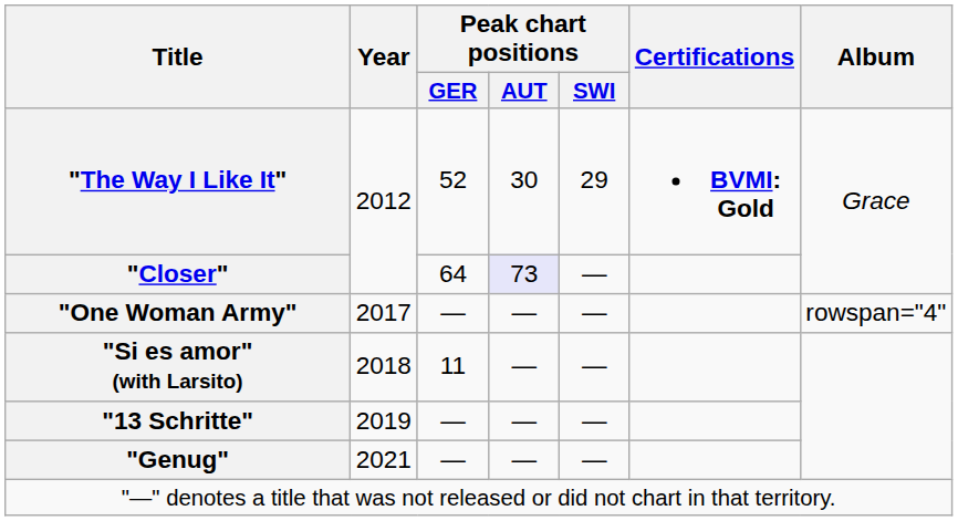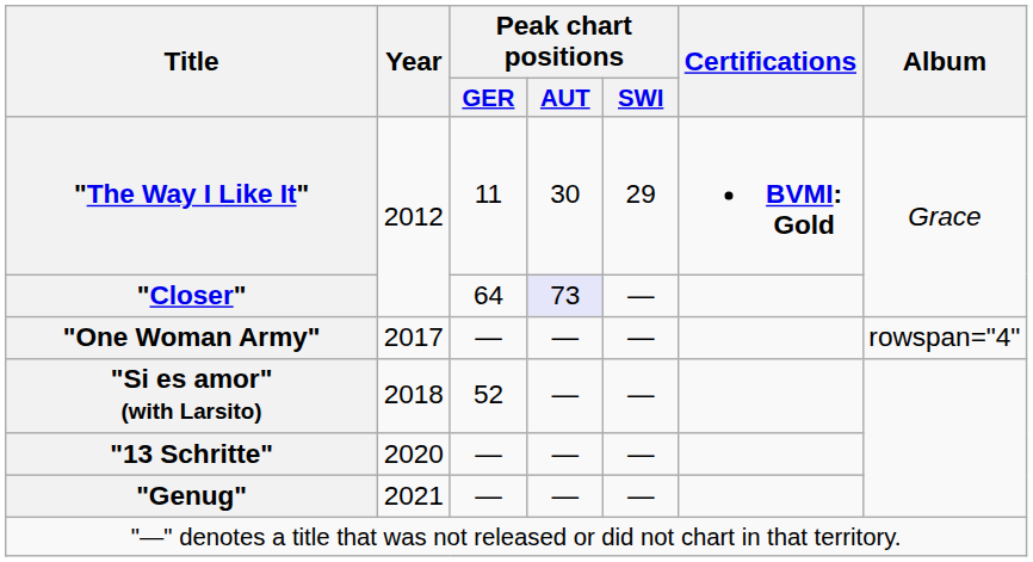 <table class="wikitable plainrowheaders" style="text-align:center;">
 <tr>
 <th scope="col" rowspan="2" style="width:18em;">Title</th>
 <th scope="col" rowspan="2">Year</th>
 <th scope="col" colspan="3">Peak chart positions</th>
 <th scope="col" rowspan="2"><a href='#'>Certifications</a></th>
 <th rowspan="2">Album</th>
 </tr>
 <tr>
 <th scope="col" style="width:3em;font-size:90%;"><a href='#'>GER</a><br></th>
 <th scope="col" style="width:3em;font-size:90%;"><a href='#'>AUT</a><br></th>
 <th scope="col" style="width:3em;font-size:90%;"><a href='#'>SWI</a><br></th>
 </tr>
 <tr>
 <th scope="row">"<a href='#'>The Way I Like It</a>"</th>
 <td rowspan="2">2012</td>
-<td>52</td>
+<td>11</td>
 <td>30</td>
 <td>29</td>
 <td><strong><br><ul><li><a href='#'>BVMI</a>: Gold</li></ul></strong></td>
 <td rowspan="2"><em>Grace</em></td>
 </tr>
 <tr>
 <th scope="row">"<a href='#'>Closer</a>"</th>
 <td>64</td>
 <td style="background: lavender;">73</td>
 <td>—</td>
 <td></td>
 </tr>
 <tr>
 <th scope="row">"One Woman Army"</th>
 <td rowspan="1">2017</td>
 <td>—</td>
 <td>—</td>
 <td>—</td>
 <td></td>
 <td>rowspan="4" </td>
 </tr>
 <tr>
 <th scope="row">"Si es amor" <br> <small>(with Larsito)</small></th>
 <td rowspan="1">2018</td>
-<td>11</td>
+<td>52</td>
 <td>—</td>
 <td>—</td>
 <td></td>
 </tr>
 <tr>
 <th scope="row">"13 Schritte"</th>
-<td>2019</td>
+<td>2020</td>
 <td>—</td>
 <td>—</td>
 <td>—</td>
 <td></td>
 </tr>
 <tr>
 <th scope="row">"Genug"</th>
 <td>2021</td>
 <td>—</td>
 <td>—</td>
 <td>—</td>
 <td></td>
 </tr>
 <tr>
 <td colspan="14" style="font-size:90%">"—" denotes a title that was not released or did not chart in that territory.</td>
 </tr>
 </table>
